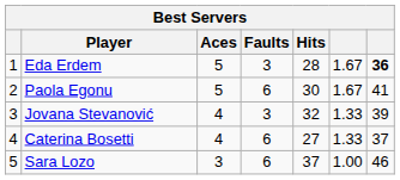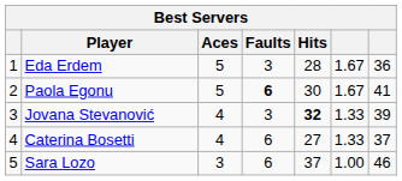 <table class="wikitable sortable" style=font-size:90%>
 <tr>
 <th colspan=7>Best Servers</th>
 </tr>
 <tr>
 <th></th>
 <th width=158>Player</th>
 <th width=20>Aces</th>
 <th width=20>Faults</th>
 <th width=20>Hits</th>
 <th width=20></th>
 <th width=20></th>
 </tr>
 <tr>
 <td>1</td>
 <td> <a href='#'>Eda Erdem</a></td>
 <td align=center>5</td>
 <td align=center>3</td>
 <td align=center>28</td>
 <td align=center>1.67</td>
-<td align=center><strong>36</strong></td>
+<td align=center>36</td>
 </tr>
 <tr>
 <td>2</td>
 <td> <a href='#'>Paola Egonu</a></td>
 <td align=center>5</td>
-<td align=center>6</td>
+<td align=center><strong>6</strong></td>
 <td align=center>30</td>
 <td align=center>1.67</td>
 <td align=center>41</td>
 </tr>
 <tr>
 <td>3</td>
 <td> <a href='#'>Jovana Stevanović</a></td>
 <td align=center>4</td>
 <td align=center>3</td>
-<td align=center>32</td>
+<td align=center><strong>32</strong></td>
 <td align=center>1.33</td>
 <td align=center>39</td>
 </tr>
 <tr>
 <td>4</td>
 <td> <a href='#'>Caterina Bosetti</a></td>
 <td align=center>4</td>
 <td align=center>6</td>
 <td align=center>27</td>
 <td align=center>1.33</td>
 <td align=center>37</td>
 </tr>
 <tr>
 <td>5</td>
 <td> <a href='#'>Sara Lozo</a></td>
 <td align=center>3</td>
 <td align=center>6</td>
 <td align=center>37</td>
 <td align=center>1.00</td>
 <td align=center>46</td>
 </tr>
 </table>
